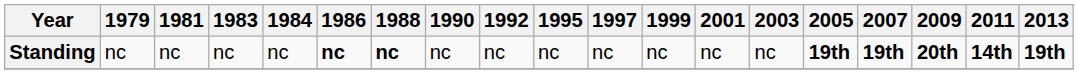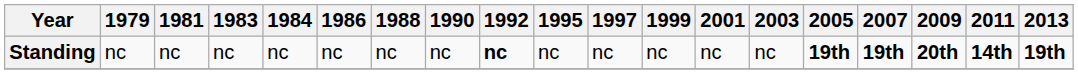 <table class="wikitable">
 <tr>
 <th>Year</th>
 <th>1979</th>
 <th>1981</th>
 <th>1983</th>
 <th>1984</th>
 <th>1986</th>
 <th>1988</th>
 <th>1990</th>
 <th>1992</th>
 <th>1995</th>
 <th>1997</th>
 <th>1999</th>
 <th>2001</th>
 <th>2003</th>
 <th>2005</th>
 <th>2007</th>
 <th>2009</th>
 <th>2011</th>
 <th>2013</th>
 </tr>
 <tr>
 <th>Standing</th>
 <td>nc</td>
 <td>nc</td>
 <td>nc</td>
 <td>nc</td>
-<td><strong>nc</strong></td>
-<td><strong>nc</strong></td>
 <td>nc</td>
 <td>nc</td>
+<td>nc</td>
+<td><strong>nc</strong></td>
 <td>nc</td>
 <td>nc</td>
 <td>nc</td>
 <td>nc</td>
 <td>nc</td>
 <td><strong>19th</strong></td>
 <td><strong>19th</strong></td>
 <td><strong>20th</strong></td>
 <td><strong>14th</strong></td>
 <td><strong>19th</strong></td>
 </tr>
 <tr>
 </tr>
 </table>
